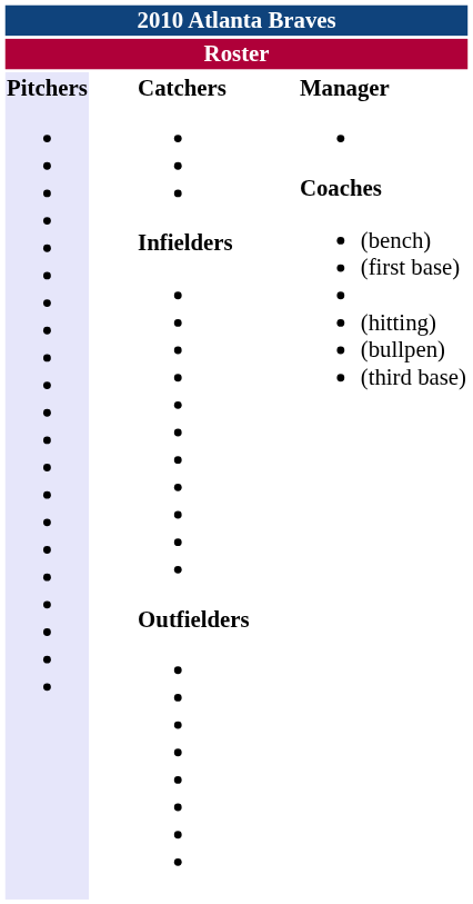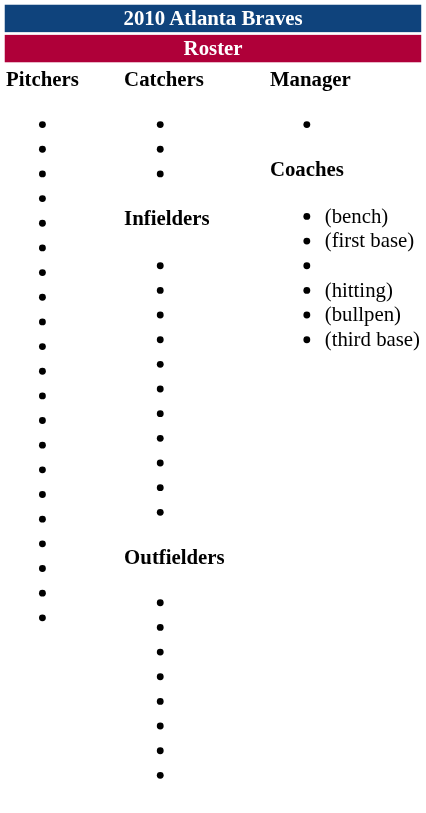 <table class="toccolours" style="font-size: 95%;">
 <tr>
 <th colspan="10" style="background-color: #0f437c; color: #FFFFFF; text-align: center;">2010 Atlanta Braves</th>
 </tr>
 <tr>
 <td colspan="10" style="background-color:#af0039; color: white; text-align: center;"><strong>Roster</strong></td>
 </tr>
 <tr>
-<td valign="top" style="background: lavender;"><strong>Pitchers</strong><br><ul><li></li><li></li><li></li><li></li><li></li><li></li><li></li><li></li><li></li><li></li><li></li><li></li><li></li><li></li><li></li><li></li><li></li><li></li><li></li><li></li><li></li></ul></td>
+<td valign="top"><strong>Pitchers</strong><br><ul><li></li><li></li><li></li><li></li><li></li><li></li><li></li><li></li><li></li><li></li><li></li><li></li><li></li><li></li><li></li><li></li><li></li><li></li><li></li><li></li><li></li></ul></td>
 <td width="25px"></td>
 <td valign="top"><strong>Catchers</strong><br><ul><li></li><li></li><li></li></ul><strong>Infielders</strong><ul><li></li><li></li><li></li><li></li><li></li><li></li><li></li><li></li><li></li><li></li><li></li></ul><strong>Outfielders</strong><ul><li></li><li></li><li></li><li></li><li></li><li></li><li></li><li></li></ul></td>
 <td width="25px"></td>
 <td valign="top"><strong>Manager</strong><br><ul><li></li></ul><strong>Coaches</strong><ul><li> (bench)</li><li> (first base)</li><li></li><li> (hitting)</li><li> (bullpen)</li><li> (third base)</li></ul></td>
 </tr>
 </table>
